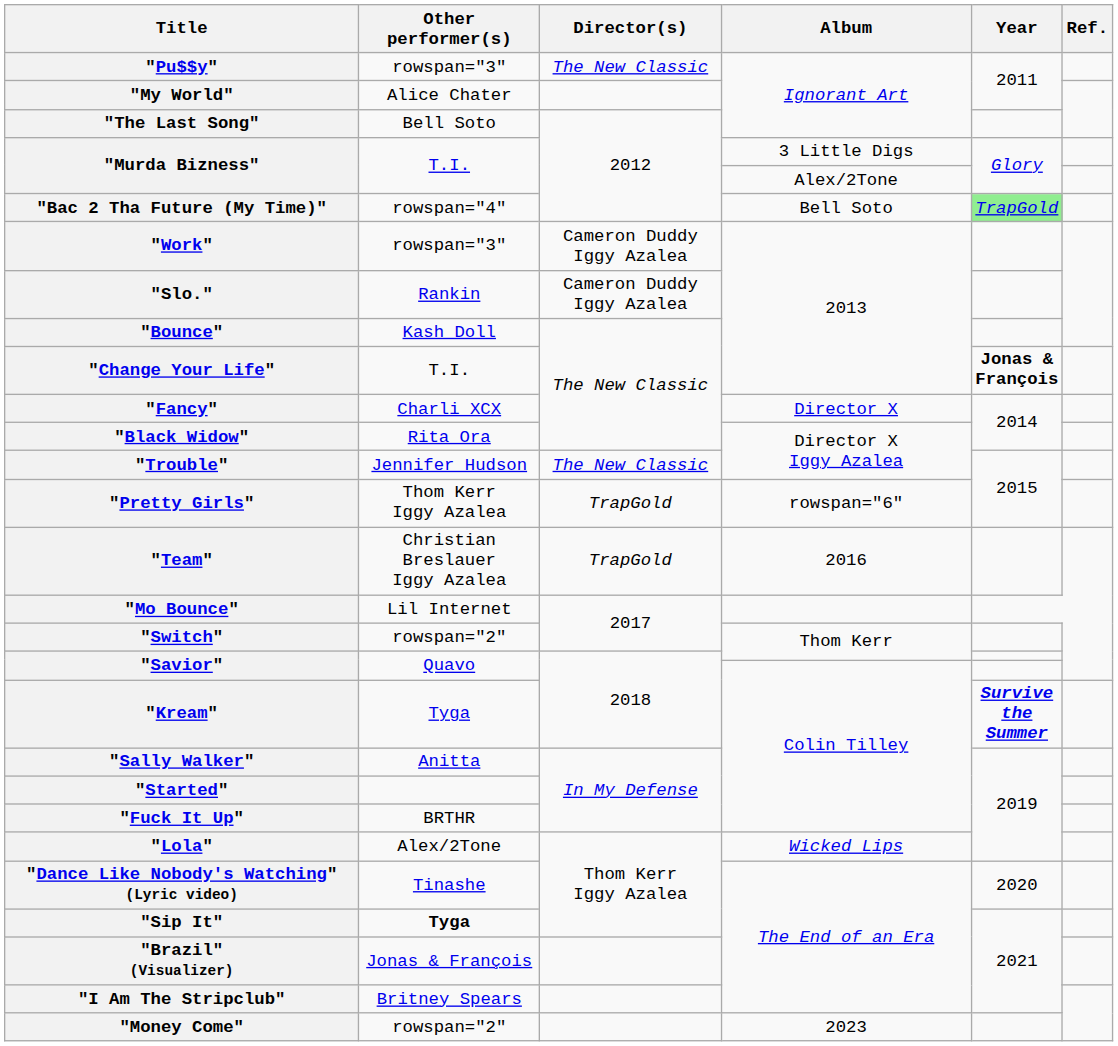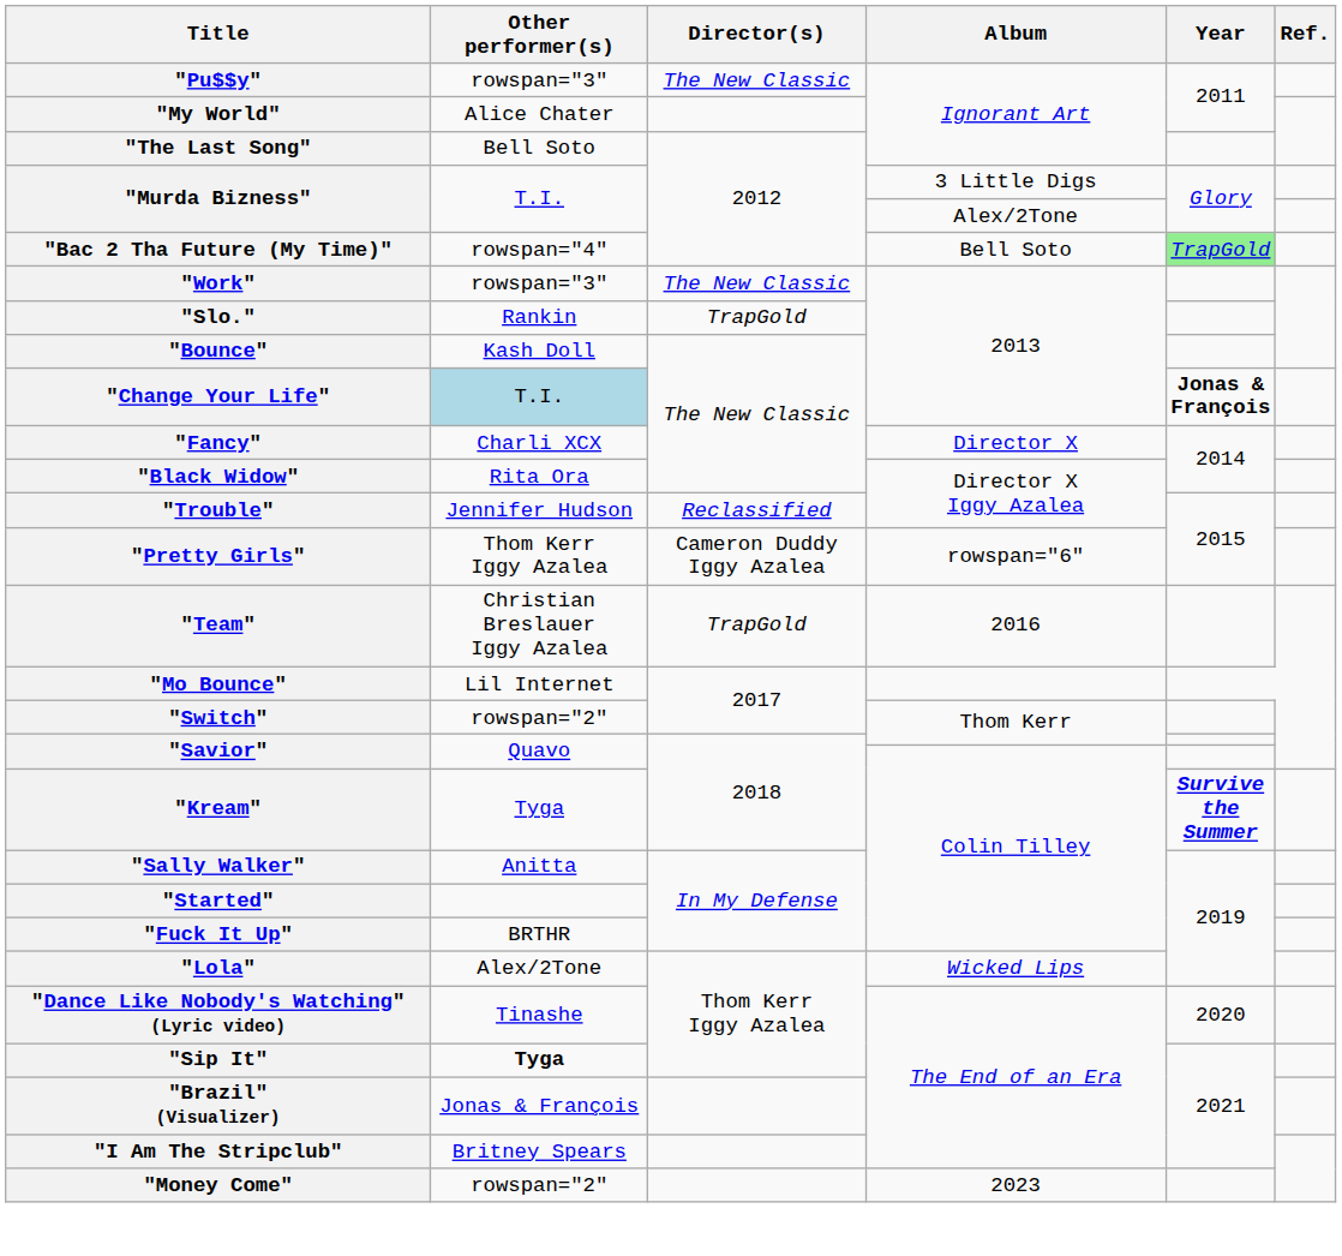 <table class="wikitable sortable plainrowheaders" style="text-align: center;">
 <tr>
 <th scope="col" style="width:20em;">Title</th>
 <th scope="col" style="width:10em;">Other performer(s)</th>
 <th scope="col" style="width:10em;">Director(s)</th>
 <th scope="col" style="width:14em;">Album</th>
 <th scope="col" style="width:2em;">Year</th>
 <th scope="col" style="width:2em;" class="unsortable">Ref.</th>
 </tr>
 <tr>
 <th scope="row">"<a href='#'>Pu$$y</a>"</th>
 <td>rowspan="3" </td>
 <td><em><a href='#'>The New Classic</a></em></td>
 <td rowspan="3"><em><a href='#'>Ignorant Art</a></em></td>
 <td rowspan="2">2011</td>
 <td></td>
 </tr>
 <tr>
 <th scope="row">"My World"</th>
 <td>Alice Chater</td>
 <td></td>
 </tr>
 <tr>
 <th scope="row">"The Last Song"</th>
 <td>Bell Soto</td>
 <td rowspan="4">2012</td>
 <td></td>
 </tr>
 <tr>
 <th scope="row" rowspan="2">"Murda Bizness"</th>
 <td rowspan="2"><a href='#'>T.I.</a></td>
 <td>3 Little Digs</td>
 <td rowspan="2"><em><a href='#'>Glory</a></em></td>
 <td></td>
 </tr>
 <tr>
 <td>Alex/2Tone</td>
 <td></td>
 </tr>
 <tr>
 <th scope="row">"Bac 2 Tha Future (My Time)"</th>
 <td>rowspan="4" </td>
 <td>Bell Soto</td>
 <td style="background: lightgreen;"><em><a href='#'>TrapGold</a></em></td>
 <td></td>
 </tr>
 <tr>
 <th scope="row">"<a href='#'>Work</a>"</th>
 <td>rowspan="3" </td>
-<td>Cameron Duddy<br>Iggy Azalea</td>
+<td><em><a href='#'>The New Classic</a></em></td>
 <td rowspan="4">2013</td>
 <td></td>
 </tr>
 <tr>
 <th scope="row">"Slo."</th>
 <td><a href='#'>Rankin</a></td>
-<td>Cameron Duddy<br>Iggy Azalea</td>
+<td><em>TrapGold</em></td>
 <td></td>
 </tr>
 <tr>
 <th scope="row">"<a href='#'>Bounce</a>"</th>
 <td><a href='#'>Kash Doll</a></td>
 <td rowspan="4"><em>The New Classic</em></td>
 <td></td>
 </tr>
 <tr>
 <th scope="row">"<a href='#'>Change Your Life</a>"</th>
-<td>T.I.</td>
+<td style="background: lightblue;">T.I.</td>
 <td><strong>Jonas & François</strong></td>
 <td></td>
 </tr>
 <tr>
 <th scope="row">"<a href='#'>Fancy</a>"</th>
 <td><a href='#'>Charli XCX</a></td>
 <td><a href='#'>Director X</a></td>
 <td rowspan="2">2014</td>
 <td></td>
 </tr>
 <tr>
 <th scope="row">"<a href='#'>Black Widow</a>"</th>
 <td><a href='#'>Rita Ora</a></td>
 <td rowspan="2">Director X<br><a href='#'>Iggy Azalea</a></td>
 <td></td>
 </tr>
 <tr>
 <th scope="row">"<a href='#'>Trouble</a>"</th>
 <td><a href='#'>Jennifer Hudson</a></td>
-<td><em><a href='#'>The New Classic</a></em></td>
+<td><em><a href='#'>Reclassified</a></em></td>
 <td rowspan="2">2015</td>
 <td></td>
 </tr>
 <tr>
 <th scope="row">"<a href='#'>Pretty Girls</a>"</th>
 <td>Thom Kerr<br>Iggy Azalea</td>
-<td><em>TrapGold</em></td>
+<td>Cameron Duddy<br>Iggy Azalea</td>
 <td>rowspan="6" </td>
 <td></td>
 </tr>
 <tr>
 <th scope="row">"<a href='#'>Team</a>"</th>
 <td>Christian Breslauer<br>Iggy Azalea</td>
 <td><em>TrapGold</em></td>
 <td>2016</td>
 <td></td>
 </tr>
 <tr>
 <th scope="row">"<a href='#'>Mo Bounce</a>"</th>
 <td>Lil Internet</td>
 <td rowspan="2">2017</td>
 <td></td>
 </tr>
 <tr>
 <th scope="row">"<a href='#'>Switch</a>"</th>
 <td>rowspan="2" </td>
 <td rowspan="2">Thom Kerr</td>
 <td></td>
 </tr>
 <tr>
 <th scope="row" rowspan="2">"<a href='#'>Savior</a>"</th>
 <td rowspan="2"><a href='#'>Quavo</a></td>
 <td rowspan="3">2018</td>
 <td></td>
 </tr>
 <tr>
 <td rowspan="5"><a href='#'>Colin Tilley</a></td>
 <td></td>
 </tr>
 <tr>
 <th scope="row">"<a href='#'>Kream</a>"</th>
 <td><a href='#'>Tyga</a></td>
 <td><strong><em><a href='#'>Survive the Summer</a></em></strong></td>
 <td></td>
 </tr>
 <tr>
 <th scope="row">"<a href='#'>Sally Walker</a>"</th>
 <td><a href='#'>Anitta</a></td>
 <td rowspan="3"><em><a href='#'>In My Defense</a></em></td>
 <td rowspan="4">2019</td>
 <td></td>
 </tr>
 <tr>
 <th scope="row">"<a href='#'>Started</a>"</th>
 <td></td>
 </tr>
 <tr>
 <th scope="row">"<a href='#'>Fuck It Up</a>"</th>
 <td>BRTHR</td>
 <td></td>
 </tr>
 <tr>
 <th scope="row">"<a href='#'>Lola</a>"</th>
 <td>Alex/2Tone</td>
 <td rowspan="3">Thom Kerr<br>Iggy Azalea</td>
 <td><em><a href='#'>Wicked Lips</a></em></td>
 <td></td>
 </tr>
 <tr>
 <th scope="row">"<a href='#'>Dance Like Nobody's Watching</a>"<br><small>(Lyric video)</small></th>
 <td><a href='#'>Tinashe</a></td>
 <td rowspan="4"><em><a href='#'>The End of an Era</a></em></td>
 <td>2020</td>
 <td></td>
 </tr>
 <tr>
 <th scope="row">"Sip It"</th>
 <td><strong>Tyga</strong></td>
 <td rowspan="3">2021</td>
 <td></td>
 </tr>
 <tr>
 <th scope="row">"Brazil"<br><small>(Visualizer)</small></th>
 <td><a href='#'>Jonas & François</a></td>
 <td></td>
 <td></td>
 </tr>
 <tr>
 <th scope="row">"I Am The Stripclub"</th>
 <td><a href='#'>Britney Spears</a></td>
 <td></td>
 </tr>
 <tr>
 <th scope="row">"Money Come"</th>
 <td>rowspan="2" </td>
 <td></td>
 <td>2023</td>
 <td></td>
 </tr>
 </table>
